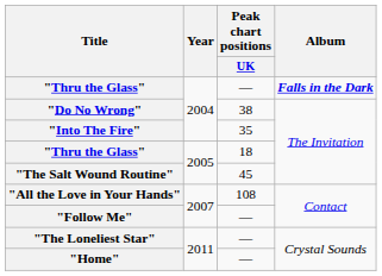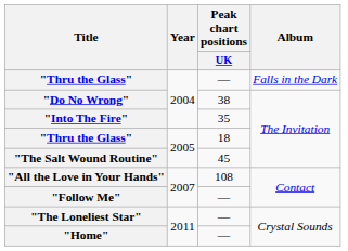 <table class="wikitable plainrowheaders" style="text-align:center;">
 <tr>
 <th scope="col" rowspan="2">Title</th>
 <th scope="col" rowspan="2">Year</th>
 <th scope="col" colspan="1">Peak chart positions</th>
 <th scope="col" rowspan="2">Album</th>
 </tr>
 <tr>
 <th scope="col" style="width:2.5em;font-size:90%;"><a href='#'>UK</a><br></th>
 </tr>
 <tr>
 <th scope="row">"<a href='#'>Thru the Glass</a>"</th>
 <td rowspan="3">2004</td>
 <td>—</td>
-<td><strong><em><a href='#'>Falls in the Dark</a></em></strong></td>
+<td><em><a href='#'>Falls in the Dark</a></em></td>
 </tr>
 <tr>
 <th scope="row">"<a href='#'>Do No Wrong</a>"</th>
 <td>38</td>
 <td rowspan="4"><em><a href='#'>The Invitation</a></em></td>
 </tr>
 <tr>
 <th scope="row">"<a href='#'>Into The Fire</a>"</th>
 <td>35</td>
 </tr>
 <tr>
 <th scope="row">"<a href='#'>Thru the Glass</a>"</th>
 <td rowspan="2">2005</td>
 <td>18</td>
 </tr>
 <tr>
 <th scope="row">"The Salt Wound Routine"</th>
 <td>45</td>
 </tr>
 <tr>
 <th scope="row">"All the Love in Your Hands"</th>
 <td rowspan="2">2007</td>
 <td>108</td>
 <td rowspan="2"><em><a href='#'>Contact</a></em></td>
 </tr>
 <tr>
 <th scope="row">"Follow Me"</th>
 <td>—</td>
 </tr>
 <tr>
 <th scope="row">"The Loneliest Star"</th>
 <td rowspan="2">2011</td>
 <td>—</td>
 <td rowspan="2"><em>Crystal Sounds</em></td>
 </tr>
 <tr>
 <th scope="row">"Home"</th>
 <td>—</td>
 </tr>
 </table>
